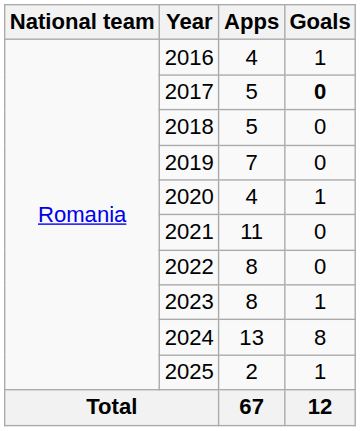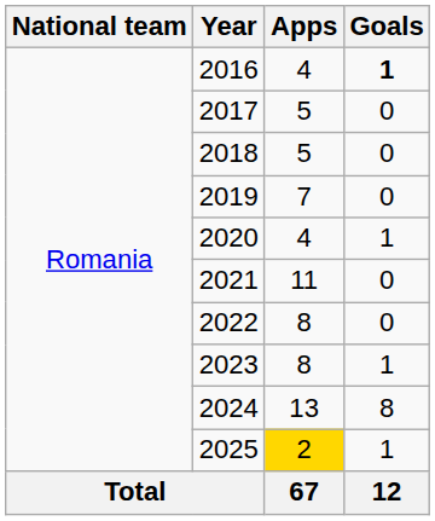 <table class="wikitable" style="text-align:center">
 <tr>
 <th>National team</th>
 <th>Year</th>
 <th>Apps</th>
 <th>Goals</th>
 </tr>
 <tr>
 <td rowspan="10"><a href='#'>Romania</a></td>
 <td>2016</td>
 <td>4</td>
-<td>1</td>
+<td><strong>1</strong></td>
 </tr>
 <tr>
 <td>2017</td>
 <td>5</td>
-<td><strong>0</strong></td>
+<td>0</td>
 </tr>
 <tr>
 <td>2018</td>
 <td>5</td>
 <td>0</td>
 </tr>
 <tr>
 <td>2019</td>
 <td>7</td>
 <td>0</td>
 </tr>
 <tr>
 <td>2020</td>
 <td>4</td>
 <td>1</td>
 </tr>
 <tr>
 <td>2021</td>
 <td>11</td>
 <td>0</td>
 </tr>
 <tr>
 <td>2022</td>
 <td>8</td>
 <td>0</td>
 </tr>
 <tr>
 <td>2023</td>
 <td>8</td>
 <td>1</td>
 </tr>
 <tr>
 <td>2024</td>
 <td>13</td>
 <td>8</td>
 </tr>
 <tr>
 <td>2025</td>
-<td>2</td>
+<td style="background: gold;">2</td>
 <td>1</td>
 </tr>
 <tr>
 <th colspan="2">Total</th>
 <th>67</th>
 <th>12</th>
 </tr>
 </table>
